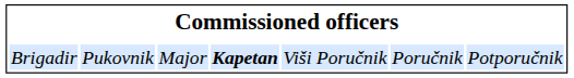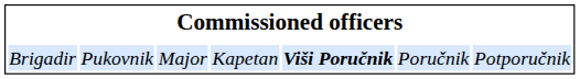 <table style="border:1px solid black; background:white; font-size:95%; margin:auto;">
 <tr>
 <td style="text-align:center;" colspan="7"><big><strong>Commissioned officers</strong></big></td>
 </tr>
 <tr align=center>
 <td></td>
 <td></td>
 <td></td>
 <td></td>
 <td></td>
 <td></td>
 <td></td>
 </tr>
 <tr style="text-align:center; background:#d7e8ff;">
 <td><em>Brigadir</em></td>
 <td><em>Pukovnik</em></td>
 <td><em>Major</em></td>
-<td><strong><em>Kapetan</em></strong></td>
-<td><em>Viši Poručnik</em></td>
+<td><em>Kapetan</em></td>
+<td><strong><em>Viši Poručnik</em></strong></td>
 <td><em>Poručnik</em></td>
 <td><em>Potporučnik</em></td>
 </tr>
 </table>
